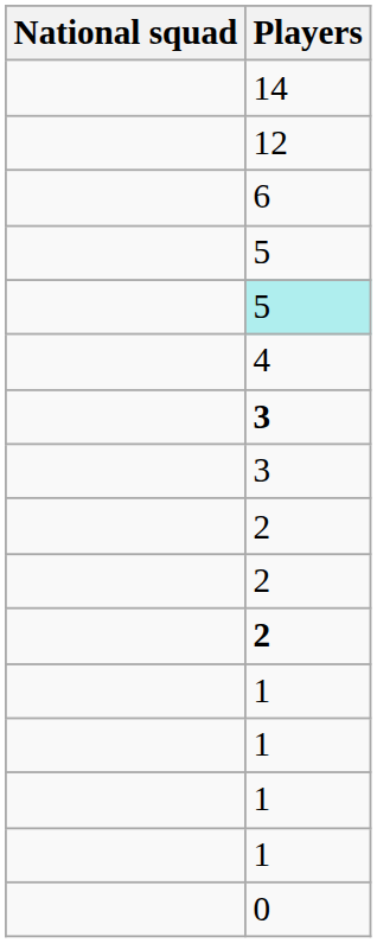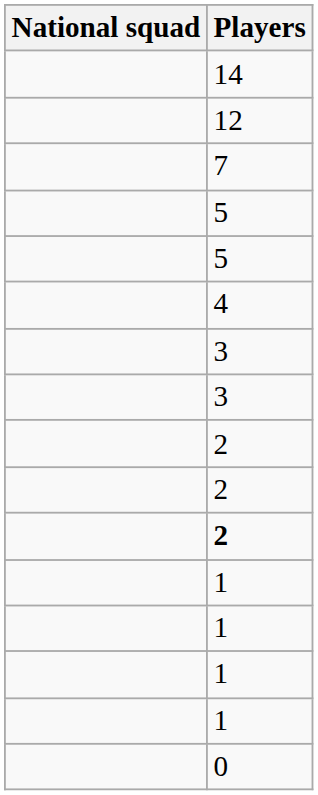 <table class="wikitable sortable">
 <tr>
 <th>National squad</th>
 <th>Players</th>
 </tr>
 <tr>
 <td></td>
 <td>14</td>
 </tr>
 <tr>
 <td></td>
 <td>12</td>
 </tr>
 <tr>
 <td></td>
-<td>6</td>
+<td>7</td>
 </tr>
 <tr>
 <td></td>
 <td>5</td>
 </tr>
 <tr>
 <td></td>
-<td style="background: paleturquoise;">5</td>
+<td>5</td>
 </tr>
 <tr>
 <td></td>
 <td>4</td>
 </tr>
 <tr>
 <td></td>
-<td><strong>3</strong></td>
+<td>3</td>
 </tr>
 <tr>
 <td></td>
 <td>3</td>
 </tr>
 <tr>
 <td></td>
 <td>2</td>
 </tr>
 <tr>
 <td></td>
 <td>2</td>
 </tr>
 <tr>
 <td></td>
 <td><strong>2</strong></td>
 </tr>
 <tr>
 <td></td>
 <td>1</td>
 </tr>
 <tr>
 <td></td>
 <td>1</td>
 </tr>
 <tr>
 <td></td>
 <td>1</td>
 </tr>
 <tr>
 <td></td>
 <td>1</td>
 </tr>
 <tr>
 <td></td>
 <td>0</td>
 </tr>
 </table>
